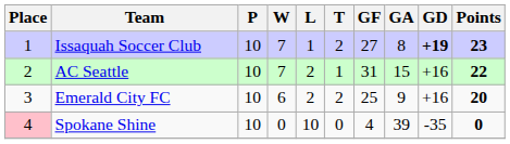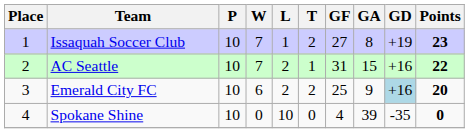 <table class="wikitable" style="text-align:center;">
 <tr>
 <th>Place</th>
 <th width="170">Team</th>
 <th width="20">P</th>
 <th width="20">W</th>
 <th width="20">L</th>
 <th width="20">T</th>
 <th width="20">GF</th>
 <th width="20">GA</th>
 <th width="25">GD</th>
 <th>Points</th>
 </tr>
 <tr bgcolor=#ccccff>
 <td>1</td>
 <td style="text-align:left;"><a href='#'>Issaquah Soccer Club</a></td>
 <td>10</td>
 <td>7</td>
 <td>1</td>
 <td>2</td>
 <td>27</td>
 <td>8</td>
-<td><strong>+19</strong></td>
+<td>+19</td>
 <td><strong>23</strong></td>
 </tr>
 <tr bgcolor=#ccffcc>
 <td>2</td>
 <td style="text-align:left;"><a href='#'>AC Seattle</a></td>
 <td>10</td>
 <td>7</td>
 <td>2</td>
 <td>1</td>
 <td>31</td>
 <td>15</td>
 <td>+16</td>
 <td><strong>22</strong></td>
 </tr>
 <tr>
 <td>3</td>
 <td style="text-align:left;"><a href='#'>Emerald City FC</a></td>
 <td>10</td>
 <td>6</td>
 <td>2</td>
 <td>2</td>
 <td>25</td>
 <td>9</td>
-<td>+16</td>
+<td style="background: lightblue;">+16</td>
 <td><strong>20</strong></td>
 </tr>
 <tr>
-<td style="background: pink;">4</td>
+<td>4</td>
 <td style="text-align:left;"><a href='#'>Spokane Shine</a></td>
 <td>10</td>
 <td>0</td>
 <td>10</td>
 <td>0</td>
 <td>4</td>
 <td>39</td>
 <td>-35</td>
 <td><strong>0</strong></td>
 </tr>
 <tr>
 </tr>
 </table>
